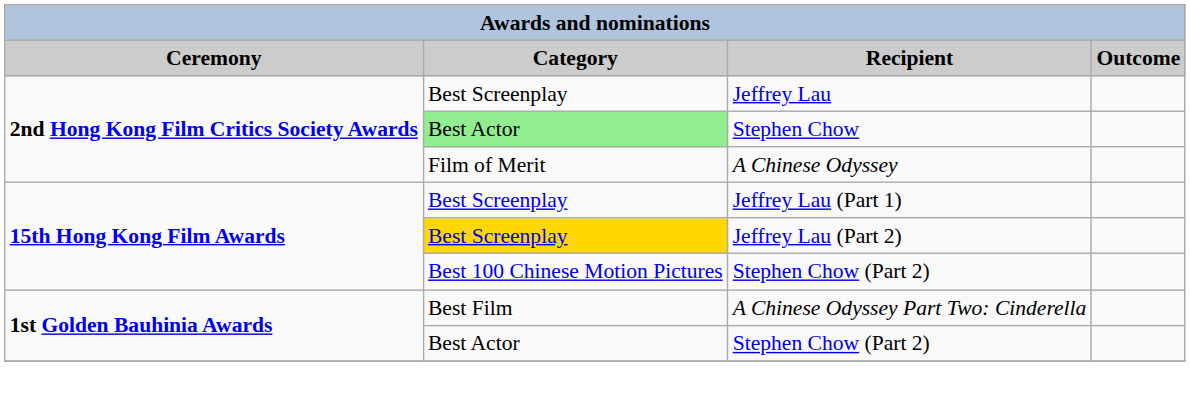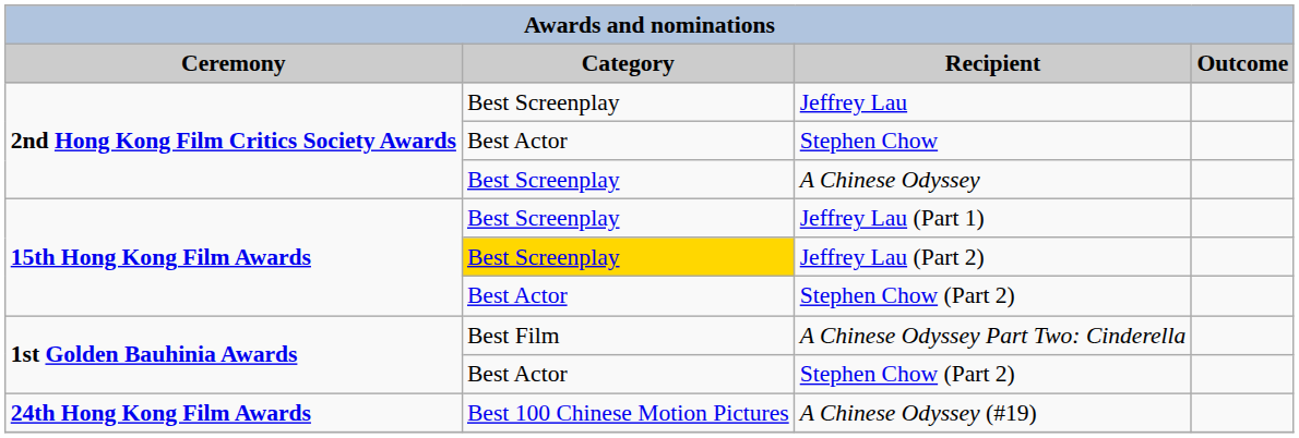 <table class="wikitable" style="font-size:95%;" ;>
 <tr style="background:#ccc; text-align:center;">
 <th colspan="4" style="background: LightSteelBlue;">Awards and nominations</th>
 </tr>
 <tr style="background:#ccc; text-align:center;">
 <th style="background:#ccc">Ceremony</th>
 <th style="background:#ccc">Category</th>
 <th style="background:#ccc">Recipient</th>
 <th style="background:#ccc">Outcome</th>
 </tr>
 <tr>
 <td rowspan=3><strong>2nd <a href='#'>Hong Kong Film Critics Society Awards</a></strong></td>
 <td>Best Screenplay</td>
 <td><a href='#'>Jeffrey Lau</a></td>
 <td></td>
 </tr>
 <tr>
-<td style="background: lightgreen;">Best Actor</td>
+<td>Best Actor</td>
 <td><a href='#'>Stephen Chow</a></td>
 <td></td>
 </tr>
 <tr>
-<td>Film of Merit</td>
+<td><a href='#'>Best Screenplay</a></td>
 <td><em>A Chinese Odyssey</em></td>
 <td></td>
 </tr>
 <tr>
 <td rowspan=3><strong><a href='#'>15th Hong Kong Film Awards</a></strong></td>
 <td><a href='#'>Best Screenplay</a></td>
 <td><a href='#'>Jeffrey Lau</a> (Part 1)</td>
 <td></td>
 </tr>
 <tr>
 <td style="background: gold;"><a href='#'>Best Screenplay</a></td>
 <td><a href='#'>Jeffrey Lau</a> (Part 2)</td>
 <td></td>
 </tr>
 <tr>
-<td><a href='#'>Best 100 Chinese Motion Pictures</a></td>
+<td><a href='#'>Best Actor</a></td>
 <td><a href='#'>Stephen Chow</a> (Part 2)</td>
 <td></td>
 </tr>
 <tr>
 <td rowspan=2><strong>1st <a href='#'>Golden Bauhinia Awards</a></strong></td>
 <td>Best Film</td>
 <td><em>A Chinese Odyssey Part Two: Cinderella</em></td>
 <td></td>
 </tr>
 <tr>
 <td>Best Actor</td>
 <td><a href='#'>Stephen Chow</a> (Part 2)</td>
 <td></td>
 </tr>
 <tr>
+<td><strong><a href='#'>24th Hong Kong Film Awards</a></strong></td>
+<td><a href='#'>Best 100 Chinese Motion Pictures</a></td>
+<td><em>A Chinese Odyssey</em> (#19)</td>
+<td></td>
+</tr>
+<tr>
 </tr>
 </table>
